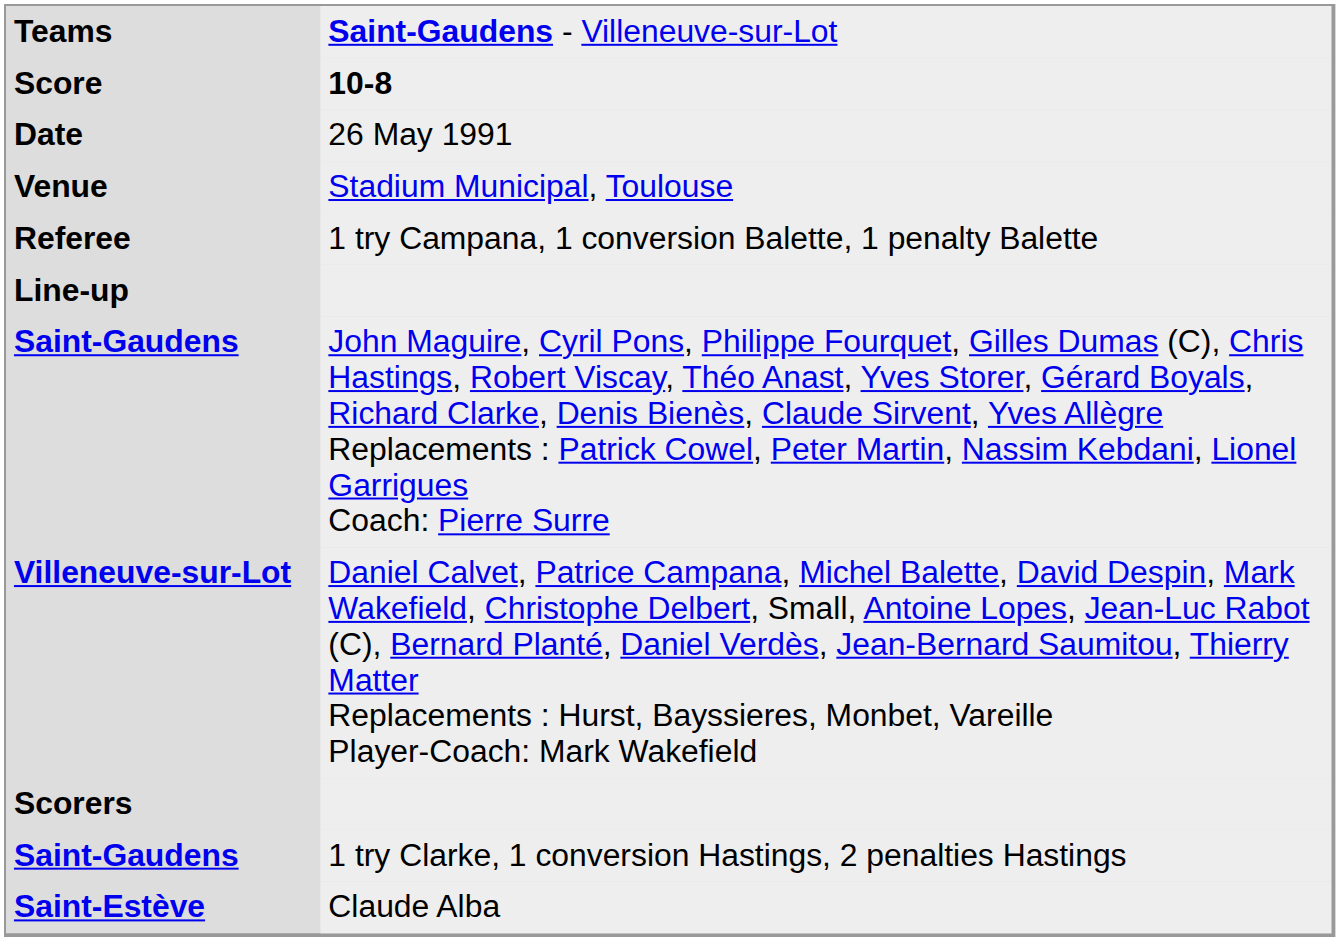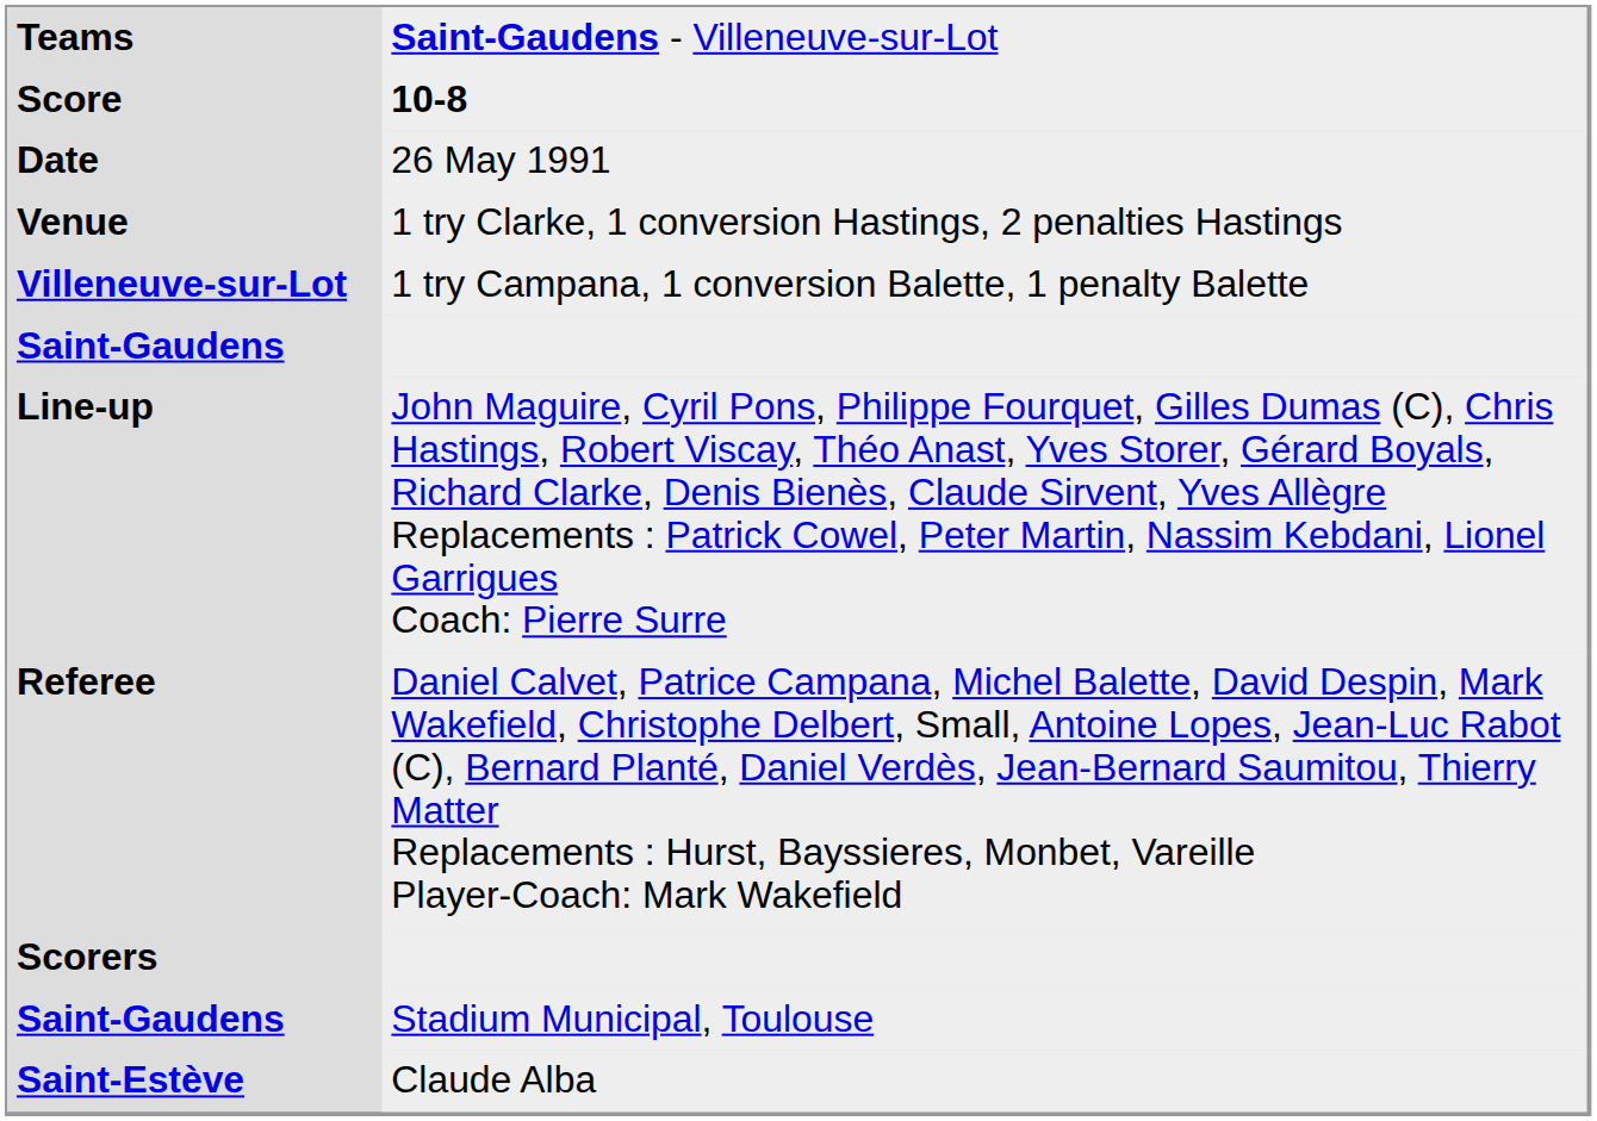 <table align="left" cellpadding="4" cellspacing="0"  style="margin: 0 0 0 0; border: 1px solid #999; border-right-width: 2px; border-bottom-width: 2px; background-color: #DDDDDD">
 <tr>
 <td width="150" valign="top"><strong>Teams</strong></td>
 <td width="500" bgcolor=#EEEEEE><strong><a href='#'>Saint-Gaudens</a> </strong> - <a href='#'>Villeneuve-sur-Lot</a></td>
 </tr>
 <tr>
 <td valign="top"><strong>Score</strong></td>
 <td bgcolor=#EEEEEE><strong>10-8</strong></td>
 </tr>
 <tr>
 <td valign="top"><strong>Date</strong></td>
 <td bgcolor=#EEEEEE>26 May 1991</td>
 </tr>
 <tr>
 <td valign="top"><strong>Venue</strong></td>
-<td bgcolor=#EEEEEE><a href='#'>Stadium Municipal</a>, <a href='#'>Toulouse</a></td>
+<td bgcolor=#EEEEEE>1 try Clarke, 1 conversion Hastings, 2 penalties Hastings</td>
+</tr>
+<tr>
+<td valign="top"><strong><a href='#'>Villeneuve-sur-Lot</a> </strong></td>
+<td bgcolor=#EEEEEE>1 try Campana, 1 conversion Balette, 1 penalty Balette</td>
+</tr>
+<tr>
+<td valign="top"><strong> <a href='#'>Saint-Gaudens</a> </strong></td>
+<td bgcolor=#EEEEEE></td>
+</tr>
+<tr>
+<td valign="top"><strong>Line-up</strong></td>
+<td bgcolor=#EEEEEE><a href='#'>John Maguire</a>, <a href='#'>Cyril Pons</a>, <a href='#'>Philippe Fourquet</a>, <a href='#'>Gilles Dumas</a> (C), <a href='#'>Chris Hastings</a>,  <a href='#'>Robert Viscay</a>, <a href='#'>Théo Anast</a>, <a href='#'>Yves Storer</a>, <a href='#'>Gérard Boyals</a>, <a href='#'>Richard Clarke</a>, <a href='#'>Denis Bienès</a>, <a href='#'>Claude Sirvent</a>, <a href='#'>Yves Allègre</a> <br>Replacements : <a href='#'>Patrick Cowel</a>, <a href='#'>Peter Martin</a>, <a href='#'>Nassim Kebdani</a>, <a href='#'>Lionel Garrigues</a><br> Coach: <a href='#'>Pierre Surre</a></td>
 </tr>
 <tr>
 <td valign="top"><strong>Referee</strong></td>
-<td bgcolor=#EEEEEE>1 try Campana, 1 conversion Balette, 1 penalty Balette</td>
-</tr>
-<tr>
-<td valign="top"><strong>Line-up</strong></td>
-<td bgcolor=#EEEEEE></td>
-</tr>
-<tr>
-<td valign="top"><strong> <a href='#'>Saint-Gaudens</a> </strong></td>
-<td bgcolor=#EEEEEE><a href='#'>John Maguire</a>, <a href='#'>Cyril Pons</a>, <a href='#'>Philippe Fourquet</a>, <a href='#'>Gilles Dumas</a> (C), <a href='#'>Chris Hastings</a>,  <a href='#'>Robert Viscay</a>, <a href='#'>Théo Anast</a>, <a href='#'>Yves Storer</a>, <a href='#'>Gérard Boyals</a>, <a href='#'>Richard Clarke</a>, <a href='#'>Denis Bienès</a>, <a href='#'>Claude Sirvent</a>, <a href='#'>Yves Allègre</a> <br>Replacements : <a href='#'>Patrick Cowel</a>, <a href='#'>Peter Martin</a>, <a href='#'>Nassim Kebdani</a>, <a href='#'>Lionel Garrigues</a><br> Coach: <a href='#'>Pierre Surre</a></td>
-</tr>
-<tr>
-<td valign="top"><strong><a href='#'>Villeneuve-sur-Lot</a> </strong></td>
 <td bgcolor=#EEEEEE><a href='#'>Daniel Calvet</a>, <a href='#'>Patrice Campana</a>, <a href='#'>Michel Balette</a>, <a href='#'>David Despin</a>, <a href='#'>Mark Wakefield</a>, <a href='#'>Christophe Delbert</a>, Small, <a href='#'>Antoine Lopes</a>, <a href='#'>Jean-Luc Rabot</a> (C), <a href='#'>Bernard Planté</a>, <a href='#'>Daniel Verdès</a>, <a href='#'>Jean-Bernard Saumitou</a>, <a href='#'>Thierry Matter</a> <br>Replacements :  Hurst, Bayssieres, Monbet, Vareille<br> Player-Coach: Mark Wakefield</td>
 </tr>
 <tr>
 <td valign="top"><strong>Scorers</strong></td>
 <td bgcolor=#EEEEEE></td>
 </tr>
 <tr>
 <td valign="top"><strong> <a href='#'>Saint-Gaudens</a> </strong></td>
-<td bgcolor=#EEEEEE>1 try Clarke, 1 conversion Hastings, 2 penalties Hastings</td>
+<td bgcolor=#EEEEEE><a href='#'>Stadium Municipal</a>, <a href='#'>Toulouse</a></td>
 </tr>
 <tr>
 <td valign="top"><strong><a href='#'>Saint-Estève</a></strong></td>
 <td bgcolor=#EEEEEE>Claude Alba</td>
 </tr>
 </table>
